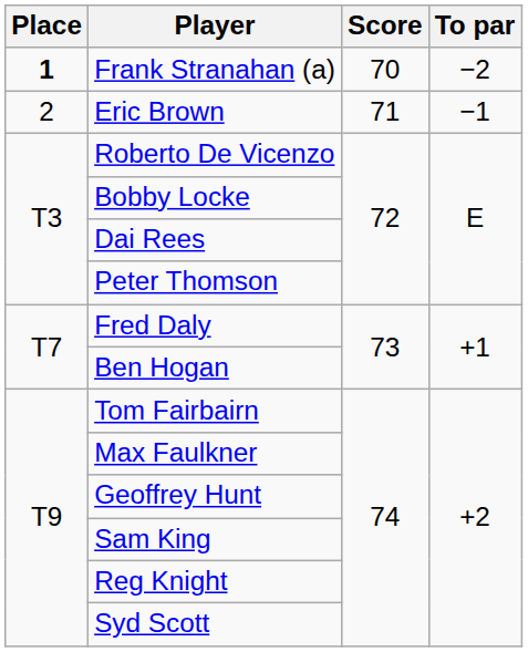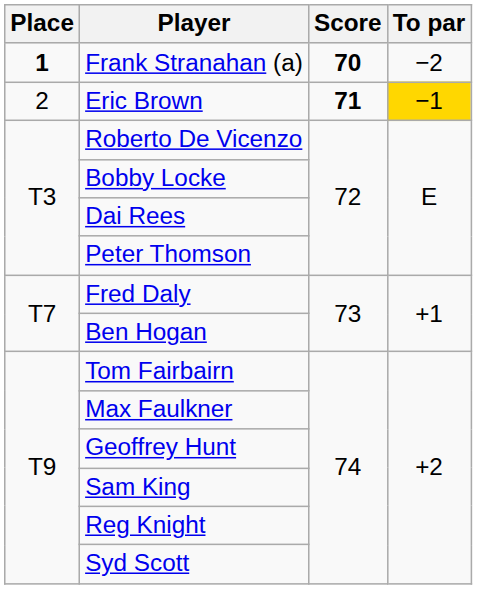 <table class=wikitable>
 <tr>
 <th>Place</th>
 <th>Player</th>
 <th>Score</th>
 <th>To par</th>
 </tr>
 <tr>
 <td align=center><strong>1</strong></td>
 <td> <a href='#'>Frank Stranahan</a> (a)</td>
-<td align=center>70</td>
+<td align=center><strong>70</strong></td>
 <td align=center>−2</td>
 </tr>
 <tr>
 <td align=center>2</td>
 <td> <a href='#'>Eric Brown</a></td>
-<td align=center>71</td>
-<td align=center>−1</td>
+<td align=center><strong>71</strong></td>
+<td align=center style="background: gold;">−1</td>
 </tr>
 <tr>
 <td rowspan=4 align=center>T3</td>
 <td> <a href='#'>Roberto De Vicenzo</a></td>
 <td rowspan=4 align=center>72</td>
 <td rowspan=4 align=center>E</td>
 </tr>
 <tr>
 <td> <a href='#'>Bobby Locke</a></td>
 </tr>
 <tr>
 <td> <a href='#'>Dai Rees</a></td>
 </tr>
 <tr>
 <td> <a href='#'>Peter Thomson</a></td>
 </tr>
 <tr>
 <td rowspan=2 align=center>T7</td>
 <td> <a href='#'>Fred Daly</a></td>
 <td rowspan=2 align=center>73</td>
 <td rowspan=2 align=center>+1</td>
 </tr>
 <tr>
 <td> <a href='#'>Ben Hogan</a></td>
 </tr>
 <tr>
 <td rowspan=6 align=center>T9</td>
 <td> <a href='#'>Tom Fairbairn</a></td>
 <td rowspan=6 align=center>74</td>
 <td rowspan=6 align=center>+2</td>
 </tr>
 <tr>
 <td> <a href='#'>Max Faulkner</a></td>
 </tr>
 <tr>
 <td> <a href='#'>Geoffrey Hunt</a></td>
 </tr>
 <tr>
 <td> <a href='#'>Sam King</a></td>
 </tr>
 <tr>
 <td> <a href='#'>Reg Knight</a></td>
 </tr>
 <tr>
 <td> <a href='#'>Syd Scott</a></td>
 </tr>
 </table>
